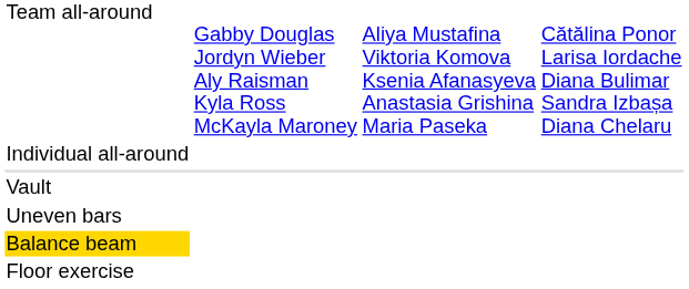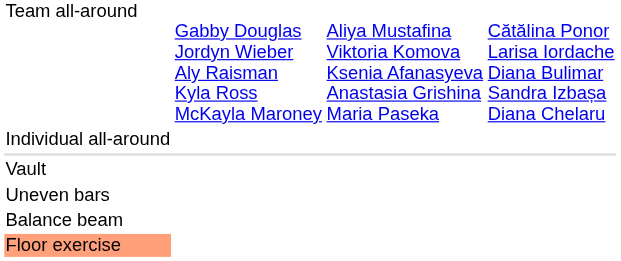 <table>
 <tr valign="top">
 <td>Team all-around<br></td>
 <td><br><a href='#'>Gabby Douglas</a><br><a href='#'>Jordyn Wieber</a><br><a href='#'>Aly Raisman</a><br><a href='#'>Kyla Ross</a><br><a href='#'>McKayla Maroney</a></td>
 <td><br><a href='#'>Aliya Mustafina</a><br><a href='#'>Viktoria Komova</a><br><a href='#'>Ksenia Afanasyeva</a><br><a href='#'>Anastasia Grishina</a><br><a href='#'>Maria Paseka</a></td>
 <td><br><a href='#'>Cătălina Ponor</a><br><a href='#'>Larisa Iordache</a><br><a href='#'>Diana Bulimar</a><br><a href='#'>Sandra Izbașa</a><br><a href='#'>Diana Chelaru</a></td>
 </tr>
 <tr valign="top">
 <td>Individual all-around<br></td>
 <td></td>
 <td></td>
 <td></td>
 </tr>
 <tr bgcolor=#DDDDDD>
 <td colspan=7></td>
 </tr>
 <tr>
 <td>Vault<br></td>
 <td></td>
 <td></td>
 <td></td>
 </tr>
 <tr>
 <td>Uneven bars<br></td>
 <td></td>
 <td></td>
 <td></td>
 </tr>
 <tr>
-<td style="background: gold;">Balance beam<br></td>
+<td>Balance beam<br></td>
 <td></td>
 <td></td>
 <td></td>
 </tr>
 <tr>
-<td>Floor exercise <br></td>
+<td style="background: lightsalmon;">Floor exercise <br></td>
 <td></td>
 <td></td>
 <td></td>
 </tr>
 </table>
